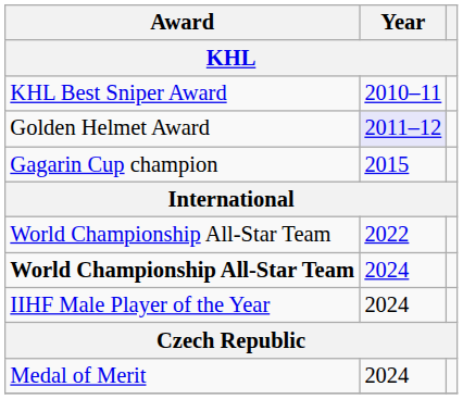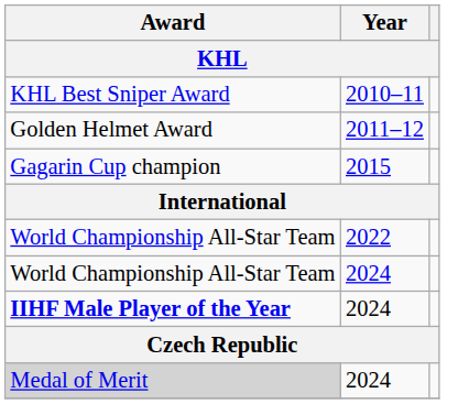 <table class="wikitable">
 <tr>
 <th>Award</th>
 <th>Year</th>
 <th></th>
 </tr>
 <tr>
 <th colspan="3"><a href='#'>KHL</a></th>
 </tr>
 <tr>
 <td><a href='#'>KHL Best Sniper Award</a></td>
 <td><a href='#'>2010–11</a></td>
 <td></td>
 </tr>
 <tr>
 <td>Golden Helmet Award</td>
-<td style="background: lavender;"><a href='#'>2011–12</a></td>
+<td><a href='#'>2011–12</a></td>
 <td></td>
 </tr>
 <tr>
 <td><a href='#'>Gagarin Cup</a> champion</td>
 <td><a href='#'>2015</a></td>
 <td></td>
 </tr>
 <tr>
 <th colspan="3">International</th>
 </tr>
 <tr>
 <td><a href='#'>World Championship</a> All-Star Team</td>
 <td><a href='#'>2022</a></td>
 <td></td>
 </tr>
 <tr>
-<td><strong>World Championship All-Star Team</strong></td>
+<td>World Championship All-Star Team</td>
 <td><a href='#'>2024</a></td>
 <td></td>
 </tr>
 <tr>
-<td><a href='#'>IIHF Male Player of the Year</a></td>
+<td><strong><a href='#'>IIHF Male Player of the Year</a></strong></td>
 <td>2024</td>
 <td></td>
 </tr>
 <tr>
 <th colspan="3">Czech Republic</th>
 </tr>
 <tr>
-<td><a href='#'>Medal of Merit</a></td>
+<td style="background: lightgrey;"><a href='#'>Medal of Merit</a></td>
 <td>2024</td>
 <td></td>
 </tr>
 <tr>
 </tr>
 </table>
